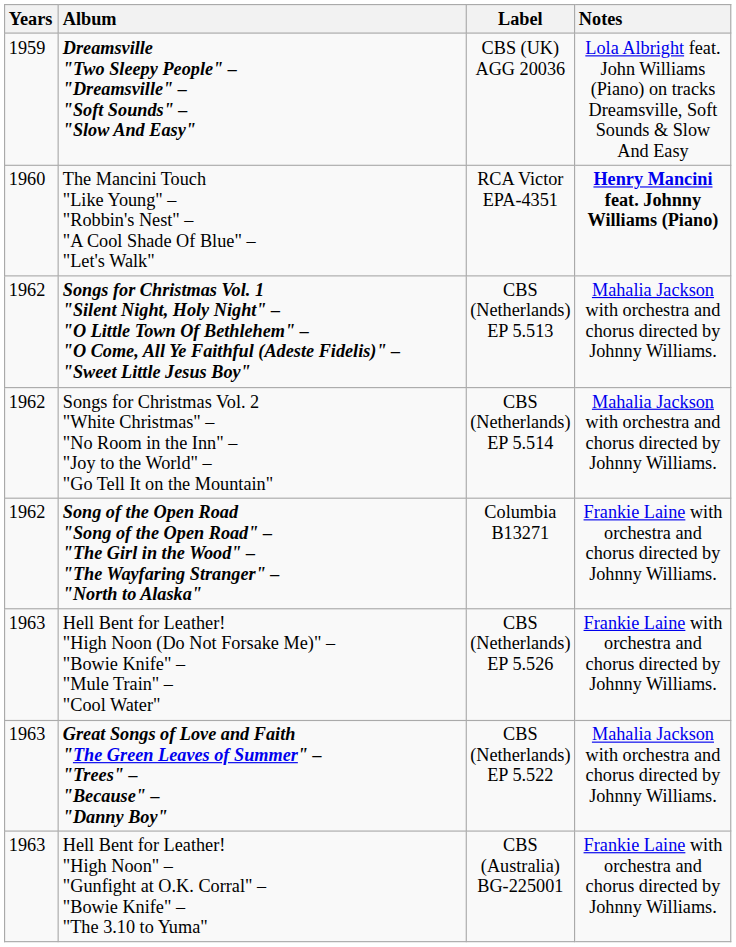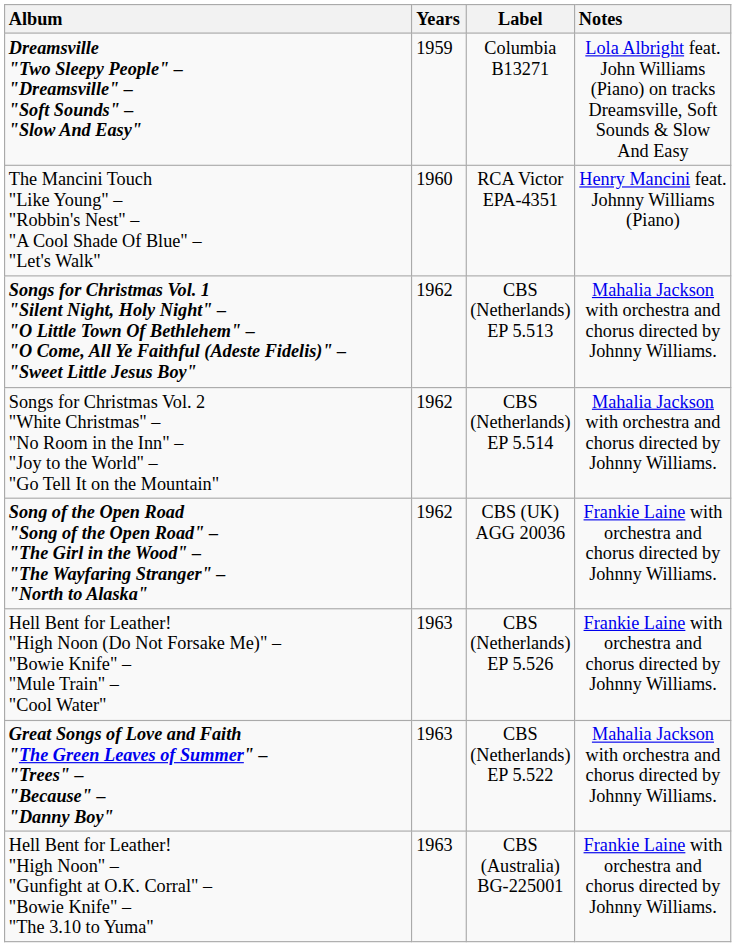 <table class="wikitable">
 <tr>
+<th style="vertical-align:top; text-align:left; width:350px;">Album</th>
 <th style="vertical-align:top; text-align:left; width:40px;">Years</th>
-<th style="vertical-align:top; text-align:left; width:350px;">Album</th>
 <th style="vertical-align:top; text-align:center; width:70px;">Label</th>
 <th style="vertical-align:top; text-align:left; width:130px;">Notes</th>
 </tr>
 <tr style="vertical-align:top;">
+<td style="text-align:left; "><strong><em>Dreamsville<em><strong><br>"Two Sleepy People" –<br>"Dreamsville" –<br>"Soft Sounds" –<br>"Slow And Easy"</td>
 <td style="text-align:left; ">1959</td>
-<td style="text-align:left; "><strong><em>Dreamsville<em><strong><br>"Two Sleepy People" –<br>"Dreamsville" –<br>"Soft Sounds" –<br>"Slow And Easy"</td>
-<td style="text-align:center; ">CBS (UK) AGG 20036</td>
+<td style="text-align:center; ">Columbia B13271</td>
 <td style="text-align:center; "><a href='#'>Lola Albright</a> feat. John Williams (Piano) on tracks Dreamsville, Soft Sounds & Slow And Easy</td>
 </tr>
 <tr style="vertical-align:top;">
+<td style="text-align:left; "></em></strong>The Mancini Touch</em></strong><br>"Like Young" –<br>"Robbin's Nest" –<br>"A Cool Shade Of Blue" –<br>"Let's Walk"</td>
 <td style="text-align:left; ">1960</td>
-<td style="text-align:left; "></em></strong>The Mancini Touch</em></strong><br>"Like Young" –<br>"Robbin's Nest" –<br>"A Cool Shade Of Blue" –<br>"Let's Walk"</td>
 <td style="text-align:center; ">RCA Victor EPA-4351</td>
-<td style="text-align:center; "><strong><a href='#'>Henry Mancini</a> feat. Johnny Williams (Piano)</strong></td>
+<td style="text-align:center; "><a href='#'>Henry Mancini</a> feat. Johnny Williams (Piano)</td>
 </tr>
 <tr style="vertical-align:top;">
+<td style="text-align:left; "><strong><em>Songs for Christmas Vol. 1<em><strong><br>"Silent Night, Holy Night" –<br>"O Little Town Of Bethlehem" –<br>"O Come, All Ye Faithful (Adeste Fidelis)" –<br>"Sweet Little Jesus Boy"</td>
 <td style="text-align:left; ">1962</td>
-<td style="text-align:left; "><strong><em>Songs for Christmas Vol. 1<em><strong><br>"Silent Night, Holy Night" –<br>"O Little Town Of Bethlehem" –<br>"O Come, All Ye Faithful (Adeste Fidelis)" –<br>"Sweet Little Jesus Boy"</td>
 <td style="text-align:center; ">CBS (Netherlands) EP 5.513</td>
 <td style="text-align:center; "><a href='#'>Mahalia Jackson</a> with orchestra and chorus directed by Johnny Williams.</td>
 </tr>
 <tr style="vertical-align:top;">
+<td style="text-align:left; "></em></strong>Songs for Christmas Vol. 2</em></strong><br>"White Christmas" –<br>"No Room in the Inn" –<br>"Joy to the World" –<br>"Go Tell It on the Mountain"</td>
 <td style="text-align:left; ">1962</td>
-<td style="text-align:left; "></em></strong>Songs for Christmas Vol. 2</em></strong><br>"White Christmas" –<br>"No Room in the Inn" –<br>"Joy to the World" –<br>"Go Tell It on the Mountain"</td>
 <td style="text-align:center; ">CBS (Netherlands) EP 5.514</td>
 <td style="text-align:center; "><a href='#'>Mahalia Jackson</a> with orchestra and chorus directed by Johnny Williams.</td>
 </tr>
 <tr style="vertical-align:top;">
+<td style="text-align:left; "><strong><em>Song of the Open Road<em><strong><br>"Song of the Open Road" –<br>"The Girl in the Wood" –<br>"The Wayfaring Stranger" –<br>"North to Alaska"</td>
 <td style="text-align:left; ">1962</td>
-<td style="text-align:left; "><strong><em>Song of the Open Road<em><strong><br>"Song of the Open Road" –<br>"The Girl in the Wood" –<br>"The Wayfaring Stranger" –<br>"North to Alaska"</td>
-<td style="text-align:center; ">Columbia B13271</td>
+<td style="text-align:center; ">CBS (UK) AGG 20036</td>
 <td style="text-align:center; "><a href='#'>Frankie Laine</a> with orchestra and chorus directed by Johnny Williams.</td>
 </tr>
 <tr style="vertical-align:top;">
+<td style="text-align:left; "></em></strong>Hell Bent for Leather!</em></strong><br>"High Noon (Do Not Forsake Me)" –<br>"Bowie Knife" –<br>"Mule Train" –<br>"Cool Water"</td>
 <td style="text-align:left; ">1963</td>
-<td style="text-align:left; "></em></strong>Hell Bent for Leather!</em></strong><br>"High Noon (Do Not Forsake Me)" –<br>"Bowie Knife" –<br>"Mule Train" –<br>"Cool Water"</td>
 <td style="text-align:center; ">CBS (Netherlands) EP 5.526</td>
 <td style="text-align:center; "><a href='#'>Frankie Laine</a> with orchestra and chorus directed by Johnny Williams.</td>
 </tr>
 <tr style="vertical-align:top;">
+<td style="text-align:left; "><strong><em>Great Songs of Love and Faith<em><strong><br>"<a href='#'>The Green Leaves of Summer</a>" –<br>"Trees" –<br>"Because" –<br>"Danny Boy"</td>
 <td style="text-align:left; ">1963</td>
-<td style="text-align:left; "><strong><em>Great Songs of Love and Faith<em><strong><br>"<a href='#'>The Green Leaves of Summer</a>" –<br>"Trees" –<br>"Because" –<br>"Danny Boy"</td>
 <td style="text-align:center; ">CBS (Netherlands) EP 5.522</td>
 <td style="text-align:center; "><a href='#'>Mahalia Jackson</a> with orchestra and chorus directed by Johnny Williams.</td>
 </tr>
 <tr style="vertical-align:top;">
+<td style="text-align:left; "></em></strong>Hell Bent for Leather!</em></strong><br>"High Noon" –<br>"Gunfight at O.K. Corral" –<br>"Bowie Knife" –<br>"The 3.10 to Yuma"</td>
 <td style="text-align:left; ">1963</td>
-<td style="text-align:left; "></em></strong>Hell Bent for Leather!</em></strong><br>"High Noon" –<br>"Gunfight at O.K. Corral" –<br>"Bowie Knife" –<br>"The 3.10 to Yuma"</td>
 <td style="text-align:center; ">CBS (Australia) BG-225001</td>
 <td style="text-align:center; "><a href='#'>Frankie Laine</a> with orchestra and chorus directed by Johnny Williams.</td>
 </tr>
 </table>
